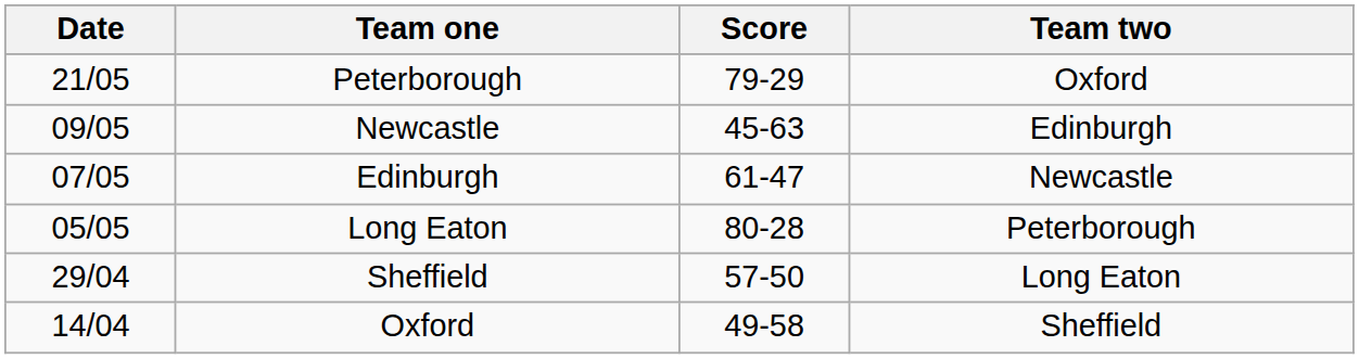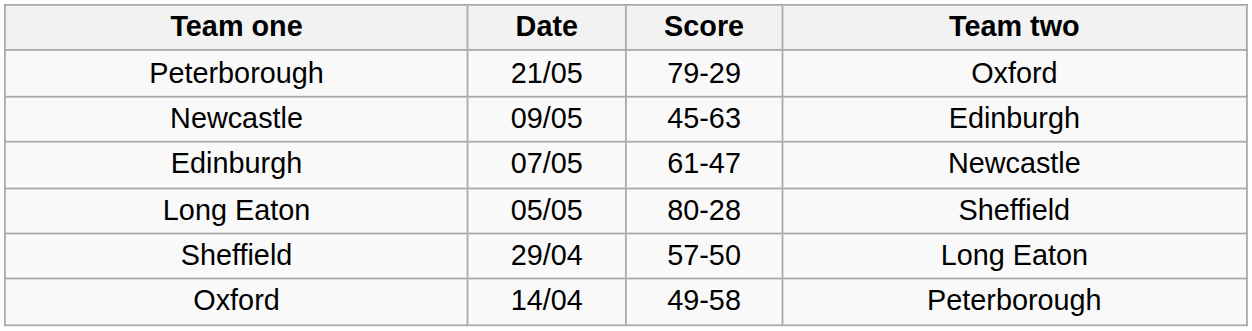 <table class="wikitable" style="text-align: center">
 <tr>
+<th width=250>Team one</th>
 <th width=80>Date</th>
-<th width=250>Team one</th>
 <th width=80>Score</th>
 <th width=250>Team two</th>
 </tr>
 <tr>
+<td>Peterborough</td>
 <td>21/05</td>
-<td>Peterborough</td>
 <td>79-29</td>
 <td>Oxford</td>
 </tr>
 <tr>
+<td>Newcastle</td>
 <td>09/05</td>
-<td>Newcastle</td>
 <td>45-63</td>
 <td>Edinburgh</td>
 </tr>
 <tr>
+<td>Edinburgh</td>
 <td>07/05</td>
-<td>Edinburgh</td>
 <td>61-47</td>
 <td>Newcastle</td>
 </tr>
 <tr>
+<td>Long Eaton</td>
 <td>05/05</td>
-<td>Long Eaton</td>
 <td>80-28</td>
-<td>Peterborough</td>
+<td>Sheffield</td>
 </tr>
 <tr>
+<td>Sheffield</td>
 <td>29/04</td>
-<td>Sheffield</td>
 <td>57-50</td>
 <td>Long Eaton</td>
 </tr>
 <tr>
+<td>Oxford</td>
 <td>14/04</td>
-<td>Oxford</td>
 <td>49-58</td>
-<td>Sheffield</td>
+<td>Peterborough</td>
 </tr>
 </table>
